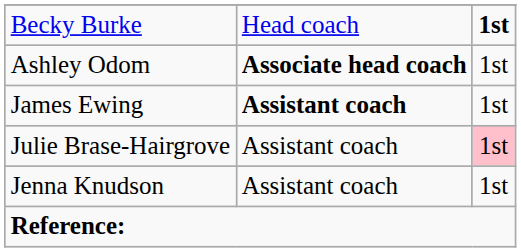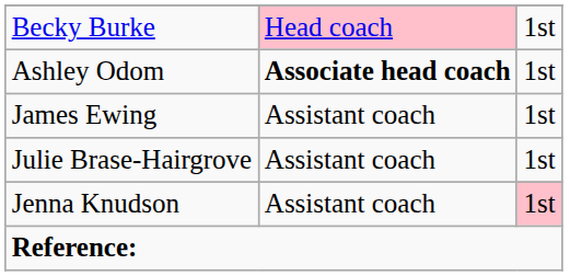 <table class="wikitable" style="font-size:93%;">
 <tr>
 </tr>
 <tr>
 <td><a href='#'>Becky Burke</a></td>
-<td><a href='#'>Head coach</a></td>
-<td align=center><strong>1st</strong></td>
+<td style="background: pink;"><a href='#'>Head coach</a></td>
+<td align=center>1st</td>
 </tr>
 <tr>
 <td>Ashley Odom</td>
 <td><strong>Associate head coach</strong></td>
 <td align=center>1st</td>
 </tr>
 <tr>
 <td>James Ewing</td>
-<td><strong>Assistant coach</strong></td>
+<td>Assistant coach</td>
 <td align=center>1st</td>
 </tr>
 <tr>
 <td>Julie Brase-Hairgrove</td>
 <td>Assistant coach</td>
-<td align=center style="background: pink;">1st</td>
+<td align=center>1st</td>
 </tr>
 <tr>
 <td>Jenna Knudson</td>
 <td>Assistant coach</td>
-<td align=center>1st</td>
+<td align=center style="background: pink;">1st</td>
 </tr>
 <tr>
 <td colspan=4><strong>Reference:</strong></td>
 </tr>
 </table>
